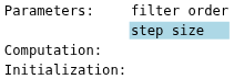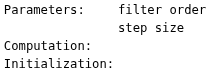 <table>
 <tr>
 <td>Parameters:</td>
 <td> filter order</td>
 </tr>
 <tr>
 <td></td>
-<td style="background: lightblue;"> step size</td>
+<td> step size</td>
 </tr>
 <tr>
 <td>Computation:</td>
 <td></td>
 </tr>
 <tr>
 <td>Initialization:</td>
 <td></td>
 </tr>
 <tr>
 <td></td>
 <td><br></td>
 </tr>
 <tr>
 <td></td>
 <td></td>
 </tr>
 <tr>
 <td></td>
 <td></td>
 </tr>
 </table>
